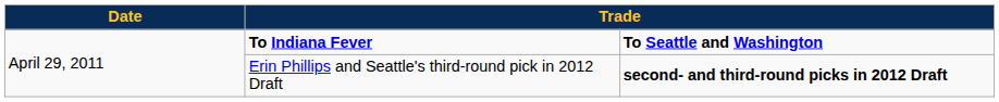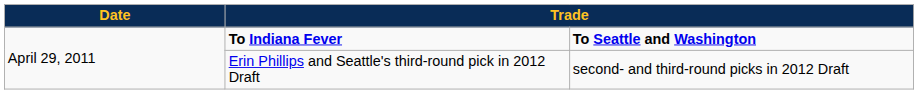 <table class="wikitable" style="width:80%">
 <tr>
 <th style="background:#092C57;color:#FFC322; width=125">Date</th>
 <th style="background:#092C57;color:#FFC322;" colspan=2>Trade</th>
 </tr>
 <tr>
 <td rowspan=2>April 29, 2011</td>
 <td width=375><strong>To <a href='#'>Indiana Fever</a></strong></td>
 <td width=375><strong>To <a href='#'>Seattle</a> and <a href='#'>Washington</a></strong></td>
 </tr>
 <tr>
 <td><a href='#'>Erin Phillips</a> and Seattle's third-round pick in 2012 Draft</td>
-<td><strong>second- and third-round picks in 2012 Draft</strong></td>
+<td>second- and third-round picks in 2012 Draft</td>
 </tr>
 </table>
